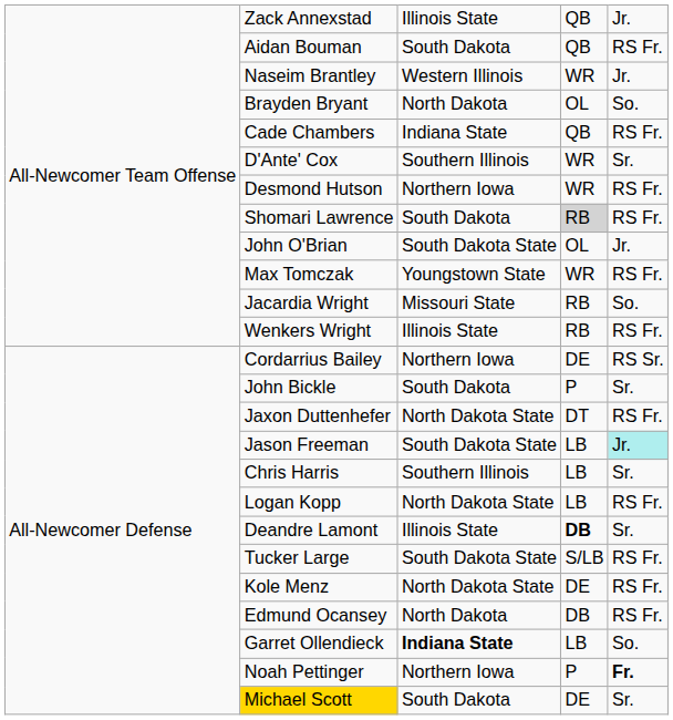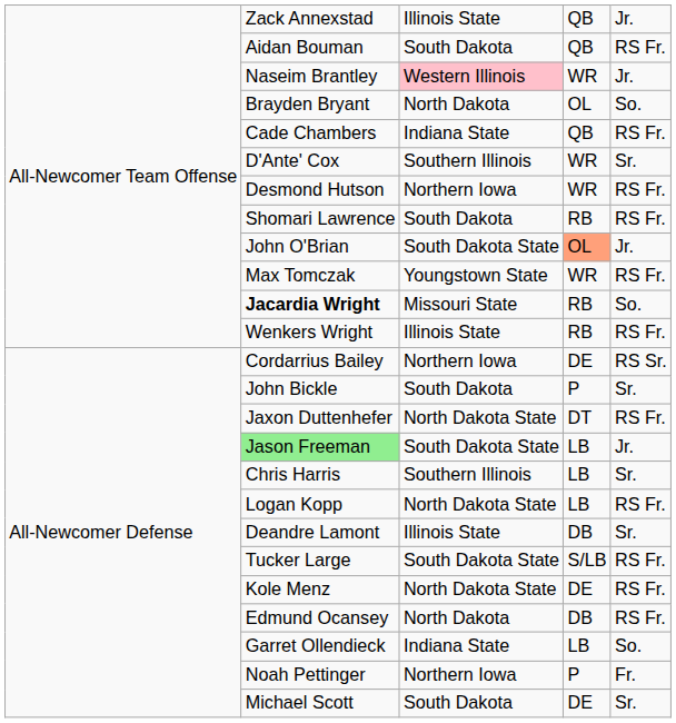 <table class="wikitable">
 <tr>
 <td rowspan=12>All-Newcomer Team Offense</td>
 <td>Zack Annexstad</td>
 <td>Illinois State</td>
 <td>QB</td>
 <td>Jr.</td>
 </tr>
 <tr>
 <td>Aidan Bouman</td>
 <td>South Dakota</td>
 <td>QB</td>
 <td>RS Fr.</td>
 </tr>
 <tr>
 <td>Naseim Brantley</td>
-<td>Western Illinois</td>
+<td style="background: pink;">Western Illinois</td>
 <td>WR</td>
 <td>Jr.</td>
 </tr>
 <tr>
 <td>Brayden Bryant</td>
 <td>North Dakota</td>
 <td>OL</td>
 <td>So.</td>
 </tr>
 <tr>
 <td>Cade Chambers</td>
 <td>Indiana State</td>
 <td>QB</td>
 <td>RS Fr.</td>
 </tr>
 <tr>
 <td>D'Ante' Cox</td>
 <td>Southern Illinois</td>
 <td>WR</td>
 <td>Sr.</td>
 </tr>
 <tr>
 <td>Desmond Hutson</td>
 <td>Northern Iowa</td>
 <td>WR</td>
 <td>RS Fr.</td>
 </tr>
 <tr>
 <td>Shomari Lawrence</td>
 <td>South Dakota</td>
-<td style="background: lightgrey;">RB</td>
+<td>RB</td>
 <td>RS Fr.</td>
 </tr>
 <tr>
 <td>John O'Brian</td>
 <td>South Dakota State</td>
-<td>OL</td>
+<td style="background: lightsalmon;">OL</td>
 <td>Jr.</td>
 </tr>
 <tr>
 <td>Max Tomczak</td>
 <td>Youngstown State</td>
 <td>WR</td>
 <td>RS Fr.</td>
 </tr>
 <tr>
-<td>Jacardia Wright</td>
+<td><strong>Jacardia Wright</strong></td>
 <td>Missouri State</td>
 <td>RB</td>
 <td>So.</td>
 </tr>
 <tr>
 <td>Wenkers Wright</td>
 <td>Illinois State</td>
 <td>RB</td>
 <td>RS Fr.</td>
 </tr>
 <tr>
 <td rowspan=13>All-Newcomer Defense</td>
 <td>Cordarrius Bailey</td>
 <td>Northern Iowa</td>
 <td>DE</td>
 <td>RS Sr.</td>
 </tr>
 <tr>
 <td>John Bickle</td>
 <td>South Dakota</td>
 <td>P</td>
 <td>Sr.</td>
 </tr>
 <tr>
 <td>Jaxon Duttenhefer</td>
 <td>North Dakota State</td>
 <td>DT</td>
 <td>RS Fr.</td>
 </tr>
 <tr>
-<td>Jason Freeman</td>
+<td style="background: lightgreen;">Jason Freeman</td>
 <td>South Dakota State</td>
 <td>LB</td>
-<td style="background: paleturquoise;">Jr.</td>
+<td>Jr.</td>
 </tr>
 <tr>
 <td>Chris Harris</td>
 <td>Southern Illinois</td>
 <td>LB</td>
 <td>Sr.</td>
 </tr>
 <tr>
 <td>Logan Kopp</td>
 <td>North Dakota State</td>
 <td>LB</td>
 <td>RS Fr.</td>
 </tr>
 <tr>
 <td>Deandre Lamont</td>
 <td>Illinois State</td>
-<td><strong>DB</strong></td>
+<td>DB</td>
 <td>Sr.</td>
 </tr>
 <tr>
 <td>Tucker Large</td>
 <td>South Dakota State</td>
 <td>S/LB</td>
 <td>RS Fr.</td>
 </tr>
 <tr>
 <td>Kole Menz</td>
 <td>North Dakota State</td>
 <td>DE</td>
 <td>RS Fr.</td>
 </tr>
 <tr>
 <td>Edmund Ocansey</td>
 <td>North Dakota</td>
 <td>DB</td>
 <td>RS Fr.</td>
 </tr>
 <tr>
 <td>Garret Ollendieck</td>
-<td><strong>Indiana State</strong></td>
+<td>Indiana State</td>
 <td>LB</td>
 <td>So.</td>
 </tr>
 <tr>
 <td>Noah Pettinger</td>
 <td>Northern Iowa</td>
 <td>P</td>
-<td><strong>Fr.</strong></td>
+<td>Fr.</td>
 </tr>
 <tr>
-<td style="background: gold;">Michael Scott</td>
+<td>Michael Scott</td>
 <td>South Dakota</td>
 <td>DE</td>
 <td>Sr.</td>
 </tr>
 </table>
